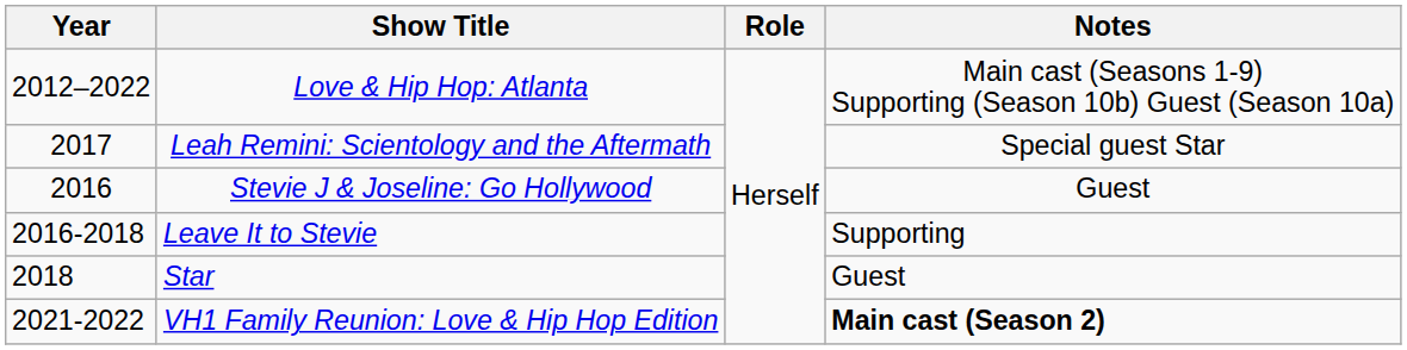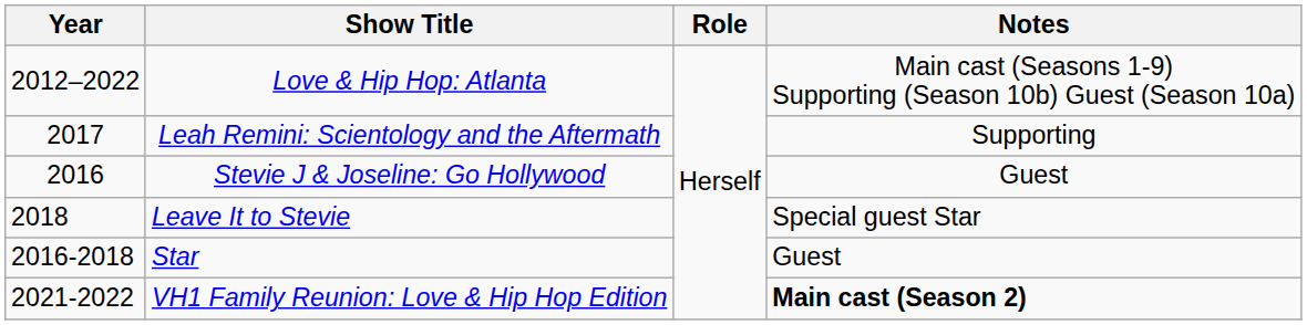 <table class="wikitable sortable">
 <tr>
 <th>Year</th>
 <th>Show Title</th>
 <th>Role</th>
 <th>Notes</th>
 </tr>
 <tr style="text-align:center;">
 <td>2012–2022</td>
 <td><em><a href='#'>Love & Hip Hop: Atlanta</a></em></td>
 <td rowspan="6">Herself</td>
 <td>Main cast (Seasons 1-9)<br>Supporting (Season 10b) Guest (Season 10a)</td>
 </tr>
 <tr style="text-align:center;">
 <td>2017</td>
 <td><em><a href='#'>Leah Remini: Scientology and the Aftermath</a></em></td>
-<td>Special guest Star</td>
+<td>Supporting</td>
 </tr>
 <tr style="text-align:center;">
 <td>2016</td>
 <td><em><a href='#'>Stevie J & Joseline: Go Hollywood</a></em></td>
 <td>Guest</td>
 </tr>
 <tr>
-<td>2016-2018</td>
+<td>2018</td>
 <td><em><a href='#'>Leave It to Stevie</a></em></td>
-<td>Supporting</td>
+<td>Special guest Star</td>
 </tr>
 <tr>
-<td>2018</td>
+<td>2016-2018</td>
 <td><em><a href='#'>Star</a></em></td>
 <td>Guest</td>
 </tr>
 <tr>
 <td>2021-2022</td>
 <td><em><a href='#'>VH1 Family Reunion: Love & Hip Hop Edition</a></em></td>
 <td><strong>Main cast (Season 2)</strong></td>
 </tr>
 </table>
